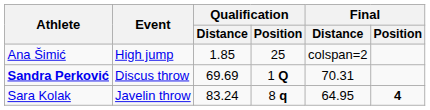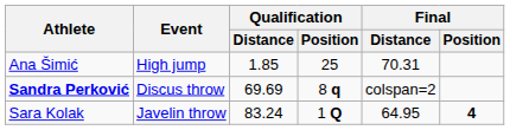 <table class=wikitable style=font-size:90%>
 <tr>
 <th rowspan=2>Athlete</th>
 <th rowspan=2>Event</th>
 <th colspan=2>Qualification</th>
 <th colspan=2>Final</th>
 </tr>
 <tr style=font-size:95%>
 <th>Distance</th>
 <th>Position</th>
 <th>Distance</th>
 <th>Position</th>
 </tr>
 <tr align=center>
 <td align=left><a href='#'>Ana Šimić</a></td>
 <td align=left><a href='#'>High jump</a></td>
 <td>1.85</td>
 <td>25</td>
-<td>colspan=2 </td>
+<td>70.31</td>
 </tr>
 <tr align=center>
 <td align=left><strong><a href='#'>Sandra Perković</a></strong></td>
 <td align=left><a href='#'>Discus throw</a></td>
 <td>69.69</td>
-<td>1 <strong>Q</strong></td>
-<td>70.31</td>
+<td>8 <strong>q</strong></td>
+<td>colspan=2 </td>
 <td></td>
 </tr>
 <tr align=center>
 <td align=left><a href='#'>Sara Kolak</a></td>
 <td align=left><a href='#'>Javelin throw</a></td>
 <td>83.24</td>
-<td>8 <strong>q</strong></td>
+<td>1 <strong>Q</strong></td>
 <td>64.95</td>
 <td><strong>4</strong></td>
 </tr>
 </table>
